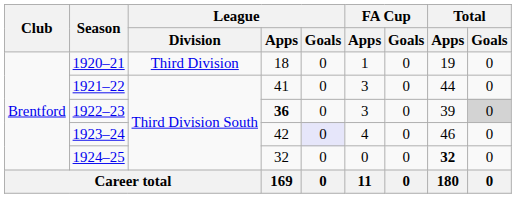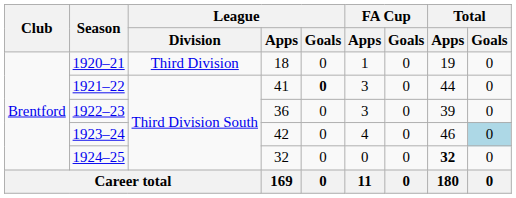 <table class="wikitable" style="text-align: center;">
 <tr>
 <th rowspan="2">Club</th>
 <th rowspan="2">Season</th>
 <th colspan="3">League</th>
 <th colspan="2">FA Cup</th>
 <th colspan="2">Total</th>
 </tr>
 <tr>
 <th>Division</th>
 <th>Apps</th>
 <th>Goals</th>
 <th>Apps</th>
 <th>Goals</th>
 <th>Apps</th>
 <th>Goals</th>
 </tr>
 <tr>
 <td rowspan="5"><a href='#'>Brentford</a></td>
 <td><a href='#'>1920–21</a></td>
 <td><a href='#'>Third Division</a></td>
 <td>18</td>
 <td>0</td>
 <td>1</td>
 <td>0</td>
 <td>19</td>
 <td>0</td>
 </tr>
 <tr>
 <td><a href='#'>1921–22</a></td>
 <td rowspan="4"><a href='#'>Third Division South</a></td>
 <td>41</td>
-<td>0</td>
+<td><strong>0</strong></td>
 <td>3</td>
 <td>0</td>
 <td>44</td>
 <td>0</td>
 </tr>
 <tr>
 <td><a href='#'>1922–23</a></td>
-<td><strong>36</strong></td>
+<td>36</td>
 <td>0</td>
 <td>3</td>
 <td>0</td>
 <td>39</td>
-<td style="background: lightgrey;">0</td>
+<td>0</td>
 </tr>
 <tr>
 <td><a href='#'>1923–24</a></td>
 <td>42</td>
-<td style="background: lavender;">0</td>
+<td>0</td>
 <td>4</td>
 <td>0</td>
 <td>46</td>
-<td>0</td>
+<td style="background: lightblue;">0</td>
 </tr>
 <tr>
 <td><a href='#'>1924–25</a></td>
 <td>32</td>
 <td>0</td>
 <td>0</td>
 <td>0</td>
 <td><strong>32</strong></td>
 <td>0</td>
 </tr>
 <tr>
 <th colspan="3">Career total</th>
 <th>169</th>
 <th>0</th>
 <th>11</th>
 <th>0</th>
 <th>180</th>
 <th>0</th>
 </tr>
 </table>
